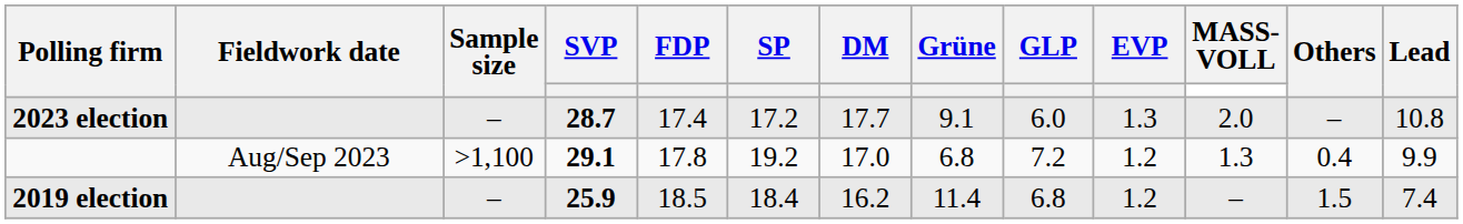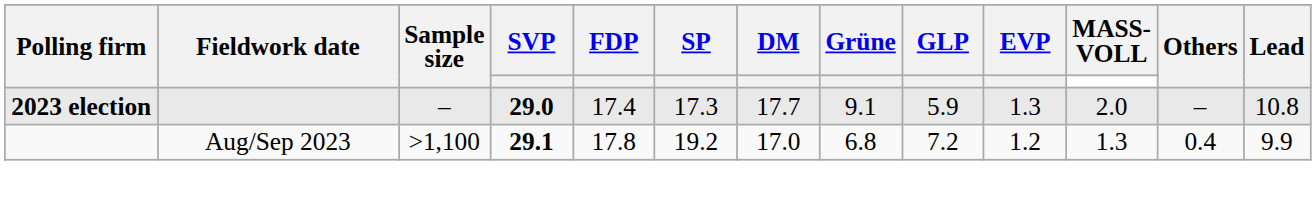 <table class="wikitable sortable" style="text-align:center;font-size:90%;line-height:14px;">
 <tr style="height:40px;">
 <th style="width:80px;" rowspan="2">Polling firm</th>
 <th style="width:130px;" rowspan="2">Fieldwork date</th>
 <th style="width:35px;" rowspan="2">Sample<br>size</th>
 <th class="unsortable" style="width:40px;"><a href='#'>SVP</a></th>
 <th class="unsortable" style="width:40px;"><a href='#'>FDP</a></th>
 <th class="unsortable" style="width:40px;"><a href='#'>SP</a></th>
 <th class="unsortable" style="width:40px;"><a href='#'>DM</a></th>
 <th class="unsortable" style="width:40px;"><a href='#'>Grüne</a></th>
 <th class="unsortable" style="width:40px;"><a href='#'>GLP</a></th>
 <th class="unsortable" style="width:40px;"><a href='#'>EVP</a></th>
 <th class="unsortable" style="width:40px;">MASS-<br>VOLL</th>
 <th class="unsortable" style="width:30px;" rowspan="2">Others</th>
 <th style="width:30px;" rowspan="2">Lead</th>
 </tr>
 <tr>
 <th style="background:"></th>
 <th style="background:"></th>
 <th style="background:"></th>
 <th style="background:"></th>
 <th style="background:"></th>
 <th style="background:"></th>
 <th style="background:"></th>
 <th style="background:#ffffff;"></th>
 </tr>
 <tr style="background:#E9E9E9;">
 <td><strong>2023 election</strong></td>
 <td></td>
 <td>–</td>
-<td style="background:#"><strong>28.7</strong></td>
+<td style="background:#"><strong>29.0</strong></td>
 <td>17.4</td>
-<td>17.2</td>
+<td>17.3</td>
 <td>17.7</td>
 <td>9.1</td>
-<td>6.0</td>
+<td>5.9</td>
 <td>1.3</td>
 <td>2.0</td>
 <td>–</td>
 <td style="background:">10.8</td>
 </tr>
 <tr>
 <td></td>
 <td>Aug/Sep 2023</td>
 <td>>1,100</td>
 <td style="background:#"><strong>29.1</strong></td>
 <td>17.8</td>
 <td>19.2</td>
 <td>17.0</td>
 <td>6.8</td>
 <td>7.2</td>
 <td>1.2</td>
 <td>1.3</td>
 <td>0.4</td>
 <td style="background:">9.9</td>
 </tr>
-<tr style="background:#E9E9E9;">
-<td><strong>2019 election</strong></td>
-<td></td>
-<td>–</td>
-<td style="background:#"><strong>25.9</strong></td>
-<td>18.5</td>
-<td>18.4</td>
-<td>16.2</td>
-<td>11.4</td>
-<td>6.8</td>
-<td>1.2</td>
-<td>–</td>
-<td>1.5</td>
-<td style="background:">7.4</td>
-</tr>
 </table>
